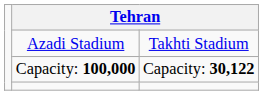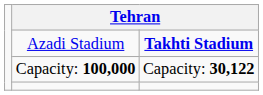 <table class="wikitable" style="text-align:center">
 <tr>
 <td rowspan="4"></td>
 <th colspan=2><a href='#'>Tehran</a></th>
 </tr>
 <tr>
 <td><a href='#'>Azadi Stadium</a></td>
-<td><a href='#'>Takhti Stadium</a></td>
+<td><strong><a href='#'>Takhti Stadium</a></strong></td>
 </tr>
 <tr>
 <td>Capacity: <strong>100,000</strong></td>
 <td>Capacity: <strong>30,122</strong></td>
 </tr>
 <tr>
 <td></td>
 <td></td>
 </tr>
 </table>
